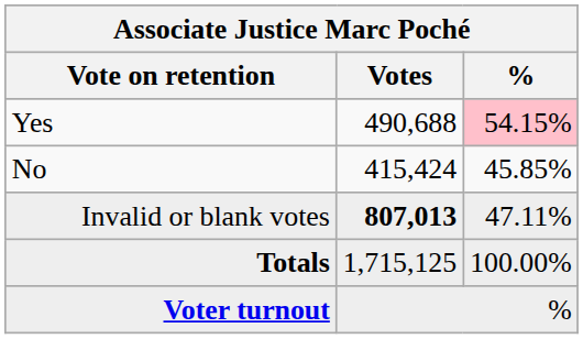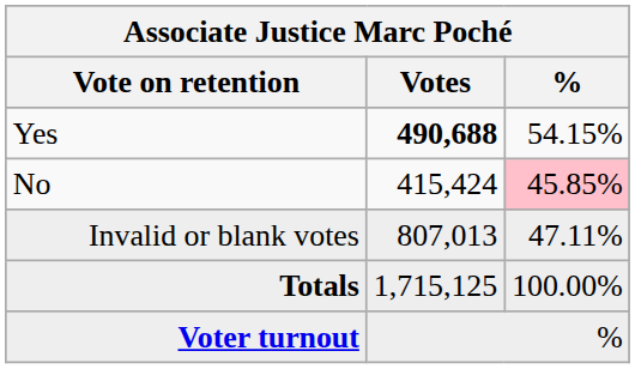 <table class="wikitable" style="font-size: 95%;">
 <tr style="background-color:#E9E9E9">
 <th colspan=7>Associate Justice Marc Poché</th>
 </tr>
 <tr style="background-color:#E9E9E9">
 <th style="width: 170px">Vote on retention</th>
 <th style="width: 50px">Votes</th>
 <th style="width: 40px">%</th>
 </tr>
 <tr>
 <td>Yes</td>
-<td align="right">490,688</td>
-<td align="right" style="background: pink;">54.15%</td>
+<td align="right"><strong>490,688</strong></td>
+<td align="right">54.15%</td>
 </tr>
 <tr>
 <td>No</td>
 <td align="right">415,424</td>
-<td align="right">45.85%</td>
+<td align="right" style="background: pink;">45.85%</td>
 </tr>
 <tr style="background-color:#EEEEEE">
 <td align="right">Invalid or blank votes</td>
-<td align="right"><strong>807,013</strong></td>
+<td align="right">807,013</td>
 <td align="right">47.11%</td>
 </tr>
 <tr style="background-color:#EEEEEE">
 <td colspan="1" align="right"><strong>Totals</strong></td>
 <td align="right">1,715,125</td>
 <td align="right">100.00%</td>
 </tr>
 <tr style="background-color:#EEEEEE">
 <td align="right"><strong><a href='#'>Voter turnout</a></strong></td>
 <td colspan="2" align="right">%</td>
 </tr>
 </table>
